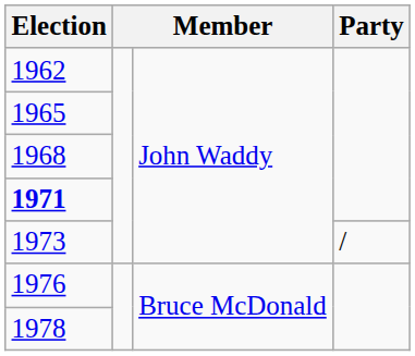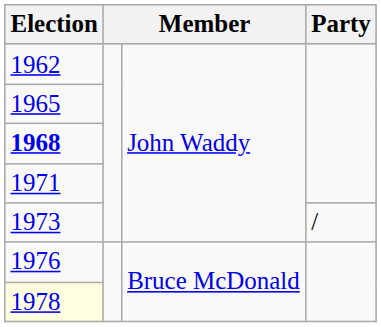 <table class="wikitable">
 <tr>
 <th>Election</th>
 <th colspan="2">Member</th>
 <th>Party</th>
 </tr>
 <tr>
 <td><a href='#'>1962</a></td>
 <td rowspan="5" > </td>
 <td rowspan="5"><a href='#'>John Waddy</a></td>
 <td rowspan="4"></td>
 </tr>
 <tr>
 <td><a href='#'>1965</a></td>
 </tr>
 <tr>
-<td><a href='#'>1968</a></td>
+<td><strong><a href='#'>1968</a></strong></td>
 </tr>
 <tr>
-<td><strong><a href='#'>1971</a></strong></td>
+<td><a href='#'>1971</a></td>
 </tr>
 <tr>
 <td><a href='#'>1973</a></td>
 <td> / </td>
 </tr>
 <tr>
 <td><a href='#'>1976</a></td>
 <td rowspan="2" > </td>
 <td rowspan="2"><a href='#'>Bruce McDonald</a></td>
 <td rowspan="2"></td>
 </tr>
 <tr>
-<td><a href='#'>1978</a></td>
+<td style="background: lightyellow;"><a href='#'>1978</a></td>
 </tr>
 </table>
